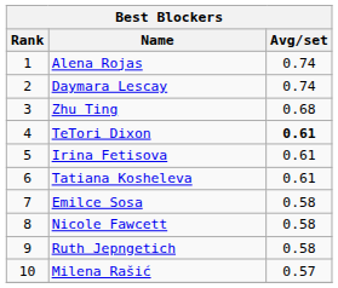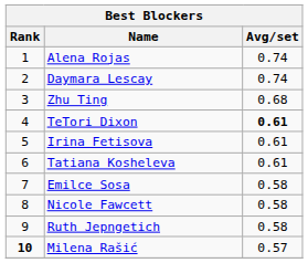 <table class="wikitable" style="margin:0.5em auto;width=480;font-size:90%">
 <tr>
 <th colspan=3>Best Blockers</th>
 </tr>
 <tr>
 <th width=30>Rank</th>
 <th width=180>Name</th>
 <th width=50>Avg/set</th>
 </tr>
 <tr>
 <td align=center>1</td>
 <td> <a href='#'>Alena Rojas</a></td>
 <td align=center>0.74</td>
 </tr>
 <tr>
 <td align=center>2</td>
 <td> <a href='#'>Daymara Lescay</a></td>
 <td align=center>0.74</td>
 </tr>
 <tr>
 <td align=center>3</td>
 <td> <a href='#'>Zhu Ting</a></td>
 <td align=center>0.68</td>
 </tr>
 <tr>
 <td align=center>4</td>
 <td> <a href='#'>TeTori Dixon</a></td>
 <td align=center><strong>0.61</strong></td>
 </tr>
 <tr>
 <td align=center>5</td>
 <td> <a href='#'>Irina Fetisova</a></td>
 <td align=center>0.61</td>
 </tr>
 <tr>
 <td align=center>6</td>
 <td> <a href='#'>Tatiana Kosheleva</a></td>
 <td align=center>0.61</td>
 </tr>
 <tr>
 <td align=center>7</td>
 <td> <a href='#'>Emilce Sosa</a></td>
 <td align=center>0.58</td>
 </tr>
 <tr>
 <td align=center>8</td>
 <td> <a href='#'>Nicole Fawcett</a></td>
 <td align=center>0.58</td>
 </tr>
 <tr>
 <td align=center>9</td>
 <td> <a href='#'>Ruth Jepngetich</a></td>
 <td align=center>0.58</td>
 </tr>
 <tr>
-<td align=center>10</td>
+<td align=center><strong>10</strong></td>
 <td> <a href='#'>Milena Rašić</a></td>
 <td align=center>0.57</td>
 </tr>
 <tr>
 </tr>
 </table>
